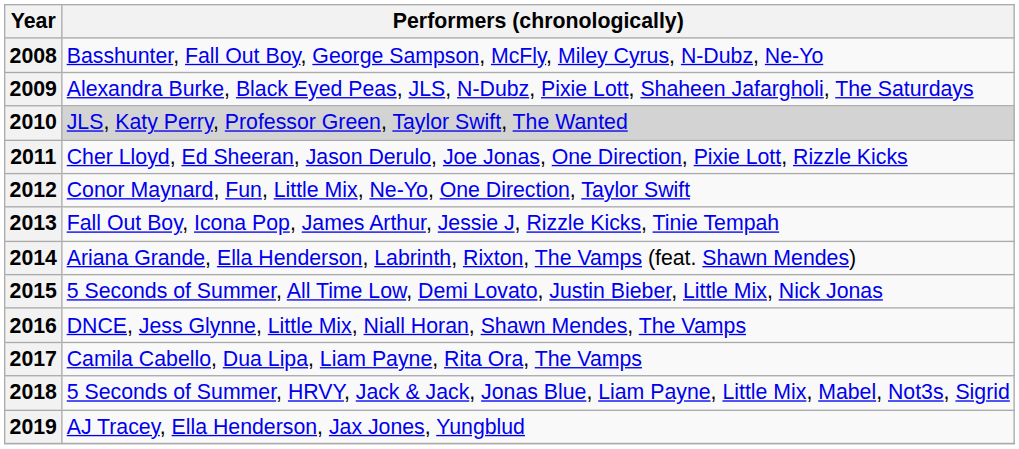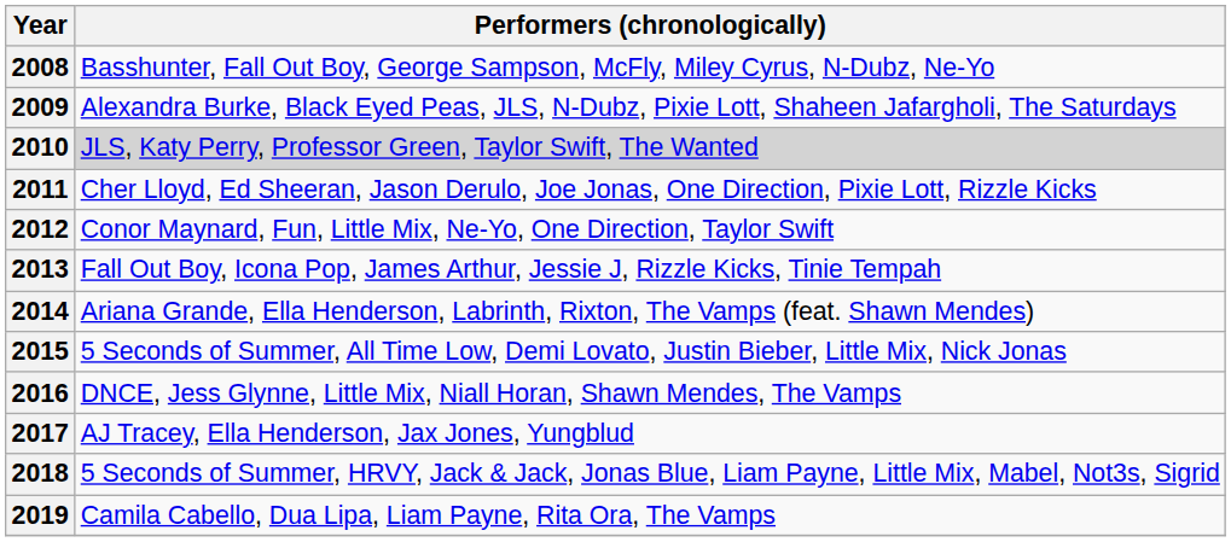 <table class="wikitable">
 <tr>
 <th>Year</th>
 <th>Performers (chronologically)</th>
 </tr>
 <tr>
 <th>2008</th>
 <td><a href='#'>Basshunter</a>, <a href='#'>Fall Out Boy</a>, <a href='#'>George Sampson</a>, <a href='#'>McFly</a>, <a href='#'>Miley Cyrus</a>, <a href='#'>N-Dubz</a>, <a href='#'>Ne-Yo</a></td>
 </tr>
 <tr>
 <th>2009</th>
 <td><a href='#'>Alexandra Burke</a>, <a href='#'>Black Eyed Peas</a>, <a href='#'>JLS</a>, <a href='#'>N-Dubz</a>, <a href='#'>Pixie Lott</a>, <a href='#'>Shaheen Jafargholi</a>, <a href='#'>The Saturdays</a></td>
 </tr>
 <tr>
 <th>2010</th>
 <td style="background: lightgrey;"><a href='#'>JLS</a>, <a href='#'>Katy Perry</a>, <a href='#'>Professor Green</a>, <a href='#'>Taylor Swift</a>, <a href='#'>The Wanted</a></td>
 </tr>
 <tr>
 <th>2011</th>
 <td><a href='#'>Cher Lloyd</a>, <a href='#'>Ed Sheeran</a>, <a href='#'>Jason Derulo</a>, <a href='#'>Joe Jonas</a>, <a href='#'>One Direction</a>, <a href='#'>Pixie Lott</a>, <a href='#'>Rizzle Kicks</a></td>
 </tr>
 <tr>
 <th>2012</th>
 <td><a href='#'>Conor Maynard</a>, <a href='#'>Fun</a>, <a href='#'>Little Mix</a>, <a href='#'>Ne-Yo</a>, <a href='#'>One Direction</a>, <a href='#'>Taylor Swift</a></td>
 </tr>
 <tr>
 <th>2013</th>
 <td><a href='#'>Fall Out Boy</a>, <a href='#'>Icona Pop</a>, <a href='#'>James Arthur</a>, <a href='#'>Jessie J</a>, <a href='#'>Rizzle Kicks</a>, <a href='#'>Tinie Tempah</a></td>
 </tr>
 <tr>
 <th>2014</th>
 <td><a href='#'>Ariana Grande</a>, <a href='#'>Ella Henderson</a>, <a href='#'>Labrinth</a>, <a href='#'>Rixton</a>, <a href='#'>The Vamps</a> (feat. <a href='#'>Shawn Mendes</a>)</td>
 </tr>
 <tr>
 <th>2015</th>
 <td><a href='#'>5 Seconds of Summer</a>, <a href='#'>All Time Low</a>, <a href='#'>Demi Lovato</a>, <a href='#'>Justin Bieber</a>, <a href='#'>Little Mix</a>, <a href='#'>Nick Jonas</a></td>
 </tr>
 <tr>
 <th>2016</th>
 <td><a href='#'>DNCE</a>, <a href='#'>Jess Glynne</a>, <a href='#'>Little Mix</a>, <a href='#'>Niall Horan</a>, <a href='#'>Shawn Mendes</a>, <a href='#'>The Vamps</a></td>
 </tr>
 <tr>
 <th>2017</th>
-<td><a href='#'>Camila Cabello</a>, <a href='#'>Dua Lipa</a>, <a href='#'>Liam Payne</a>, <a href='#'>Rita Ora</a>, <a href='#'>The Vamps</a></td>
+<td><a href='#'>AJ Tracey</a>, <a href='#'>Ella Henderson</a>, <a href='#'>Jax Jones</a>, <a href='#'>Yungblud</a></td>
 </tr>
 <tr>
 <th>2018</th>
 <td><a href='#'>5 Seconds of Summer</a>, <a href='#'>HRVY</a>, <a href='#'>Jack & Jack</a>, <a href='#'>Jonas Blue</a>, <a href='#'>Liam Payne</a>, <a href='#'>Little Mix</a>, <a href='#'>Mabel</a>, <a href='#'>Not3s</a>, <a href='#'>Sigrid</a></td>
 </tr>
 <tr>
 <th>2019</th>
-<td><a href='#'>AJ Tracey</a>, <a href='#'>Ella Henderson</a>, <a href='#'>Jax Jones</a>, <a href='#'>Yungblud</a></td>
+<td><a href='#'>Camila Cabello</a>, <a href='#'>Dua Lipa</a>, <a href='#'>Liam Payne</a>, <a href='#'>Rita Ora</a>, <a href='#'>The Vamps</a></td>
 </tr>
 <tr>
 </tr>
 </table>
